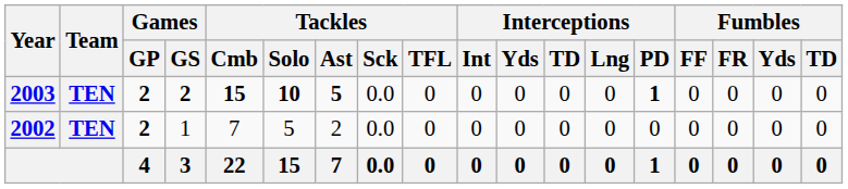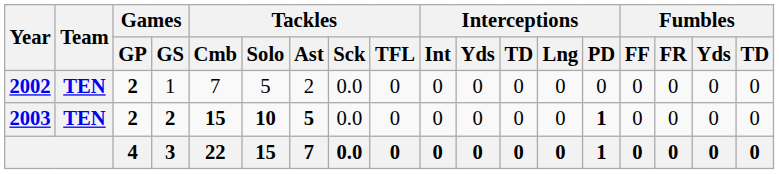 <table class="wikitable" style="text-align:center">
 <tr>
 <th rowspan="2">Year</th>
 <th rowspan="2">Team</th>
 <th colspan="2">Games</th>
 <th colspan="5">Tackles</th>
 <th colspan="5">Interceptions</th>
 <th colspan="4">Fumbles</th>
 </tr>
 <tr>
 <th>GP</th>
 <th>GS</th>
 <th>Cmb</th>
 <th>Solo</th>
 <th>Ast</th>
 <th>Sck</th>
 <th>TFL</th>
 <th>Int</th>
 <th>Yds</th>
 <th>TD</th>
 <th>Lng</th>
 <th>PD</th>
 <th>FF</th>
 <th>FR</th>
 <th>Yds</th>
 <th>TD</th>
 </tr>
 <tr>
+<th><a href='#'>2002</a></th>
+<th><a href='#'>TEN</a></th>
+<td><strong>2</strong></td>
+<td>1</td>
+<td>7</td>
+<td>5</td>
+<td>2</td>
+<td>0.0</td>
+<td>0</td>
+<td>0</td>
+<td>0</td>
+<td>0</td>
+<td>0</td>
+<td>0</td>
+<td>0</td>
+<td>0</td>
+<td>0</td>
+<td>0</td>
+</tr>
+<tr>
 <th><a href='#'>2003</a></th>
 <th><a href='#'>TEN</a></th>
 <td><strong>2</strong></td>
 <td><strong>2</strong></td>
 <td><strong>15</strong></td>
 <td><strong>10</strong></td>
 <td><strong>5</strong></td>
 <td>0.0</td>
 <td>0</td>
 <td>0</td>
 <td>0</td>
 <td>0</td>
 <td>0</td>
 <td><strong>1</strong></td>
-<td>0</td>
-<td>0</td>
-<td>0</td>
-<td>0</td>
-</tr>
-<tr>
-<th><a href='#'>2002</a></th>
-<th><a href='#'>TEN</a></th>
-<td><strong>2</strong></td>
-<td>1</td>
-<td>7</td>
-<td>5</td>
-<td>2</td>
-<td>0.0</td>
-<td>0</td>
-<td>0</td>
-<td>0</td>
-<td>0</td>
-<td>0</td>
-<td>0</td>
 <td>0</td>
 <td>0</td>
 <td>0</td>
 <td>0</td>
 </tr>
 <tr>
 <th colspan="2"></th>
 <th>4</th>
 <th>3</th>
 <th>22</th>
 <th>15</th>
 <th>7</th>
 <th>0.0</th>
 <th>0</th>
 <th>0</th>
 <th>0</th>
 <th>0</th>
 <th>0</th>
 <th>1</th>
 <th>0</th>
 <th>0</th>
 <th>0</th>
 <th>0</th>
 </tr>
 </table>
